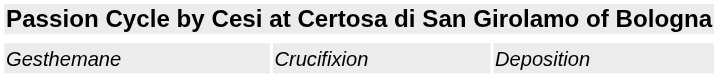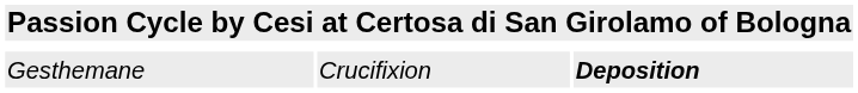 <table align=center>
 <tr>
 <th colspan="3" style="background:#ECECEC; "><strong>Passion Cycle by Cesi at Certosa di San Girolamo of Bologna</strong></th>
 </tr>
 <tr>
 <td></td>
 <td></td>
 <td></td>
 </tr>
 <tr>
 <td style="background:#ECECEC;"><small><em>Gesthemane</em><br></small></td>
 <td style="background:#ECECEC;"><small><em>Crucifixion</em><br></small></td>
-<td style="background:#ECECEC;"><small><em>Deposition</em><br></small></td>
+<td style="background:#ECECEC;"><strong><small><em>Deposition</em><br></small></strong></td>
 </tr>
 </table>
